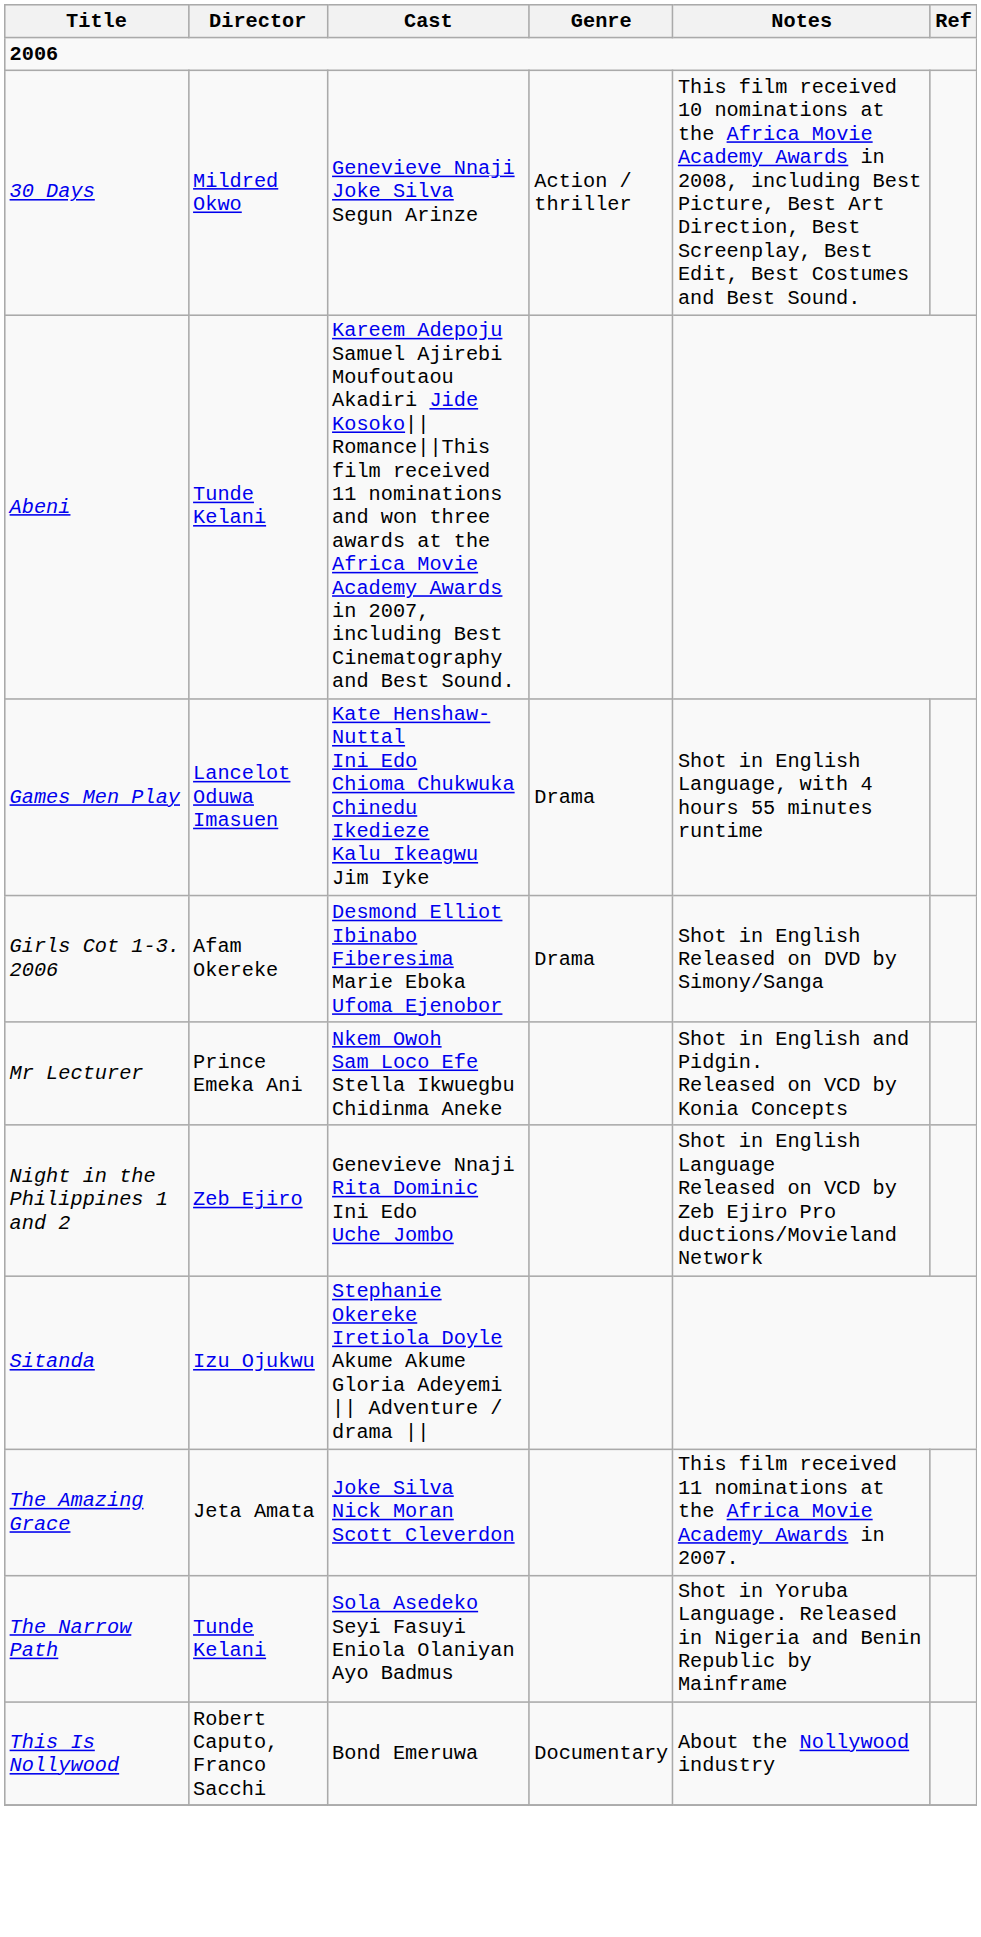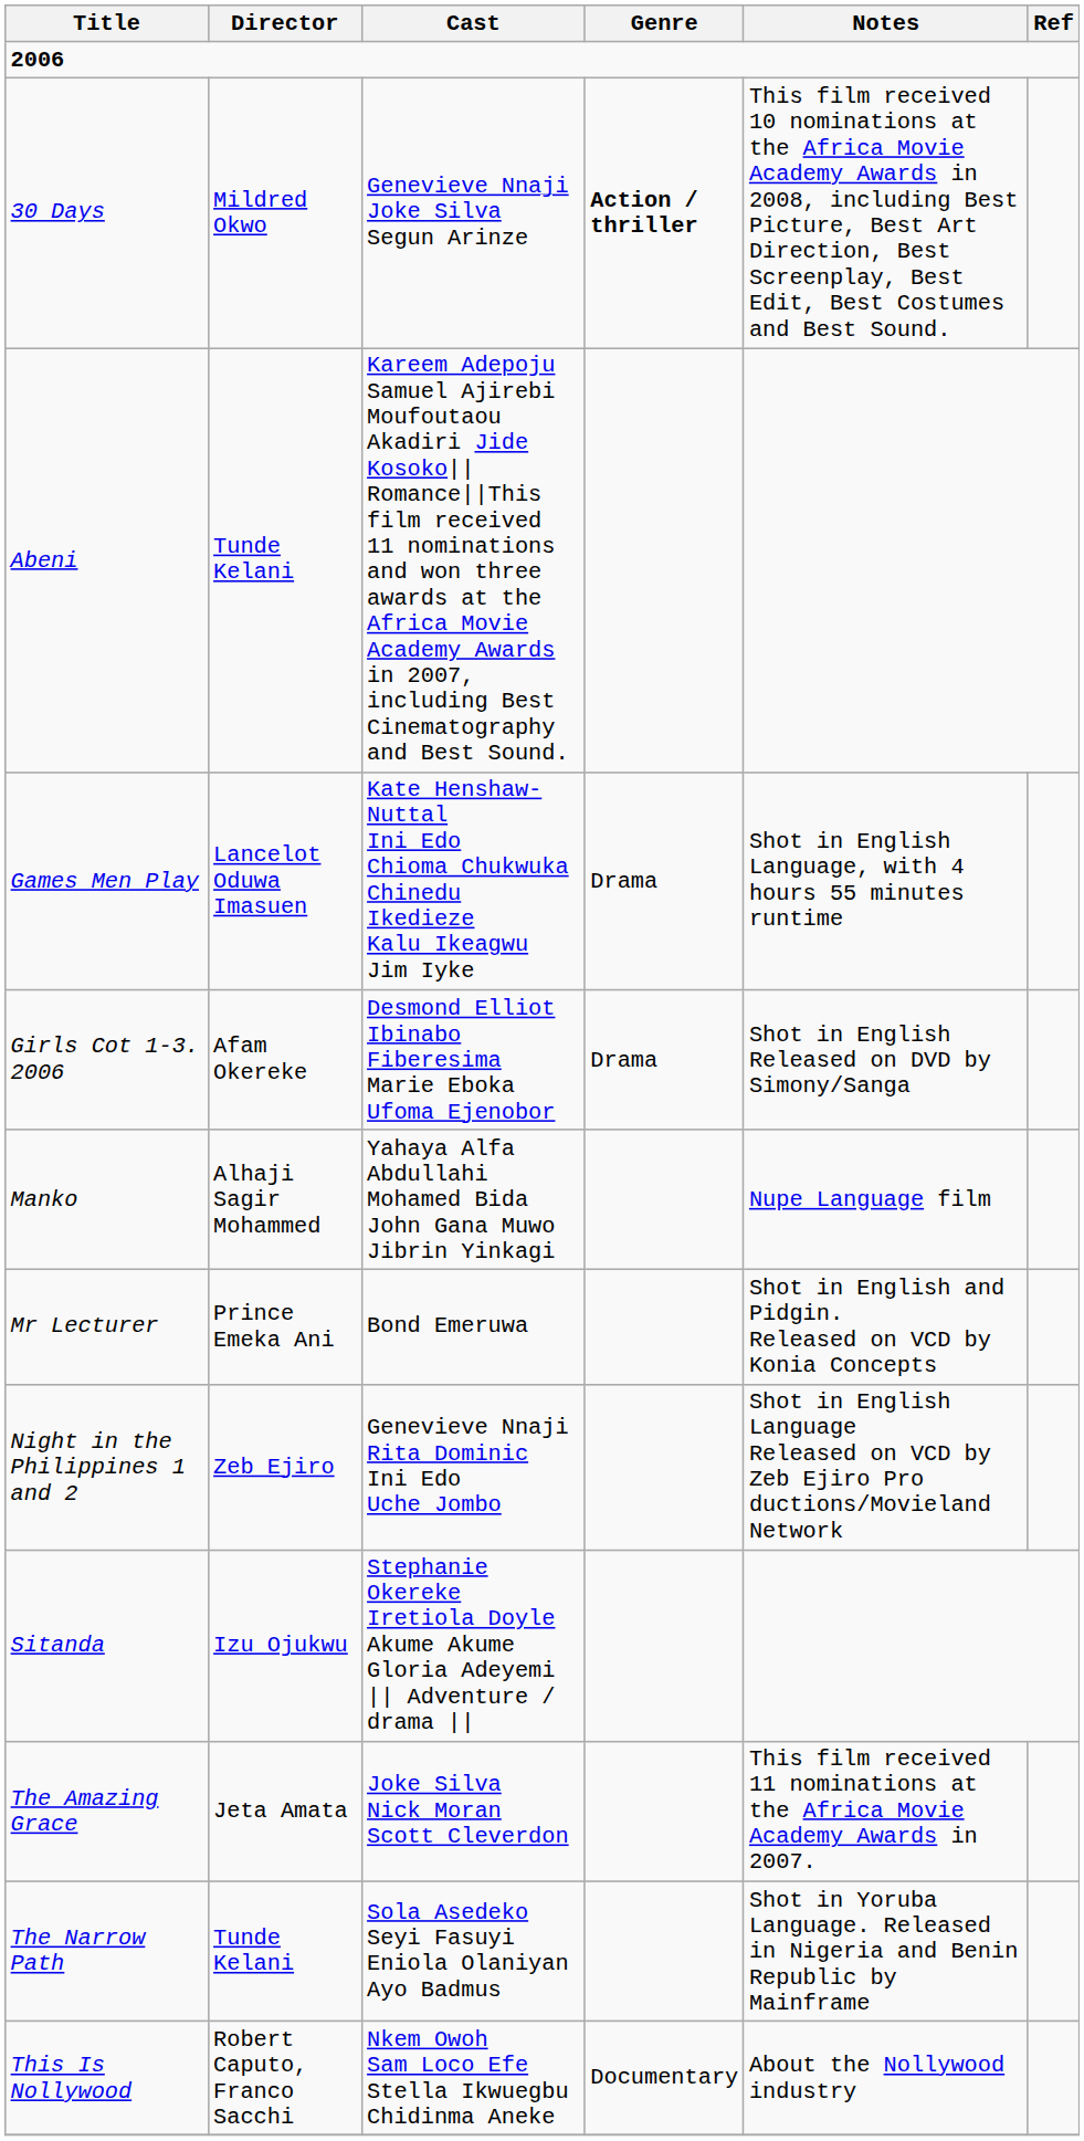 <table class="wikitable" width= "100%">
 <tr>
 <th width=21%>Title</th>
 <th width=16%>Director</th>
 <th width=22%>Cast</th>
 <th width=13%>Genre</th>
 <th width=28%>Notes</th>
 <th>Ref</th>
 </tr>
 <tr>
 <td colspan="6" ><strong>2006</strong></td>
 </tr>
 <tr>
 <td><em><a href='#'>30 Days</a></em></td>
 <td><a href='#'>Mildred Okwo</a></td>
 <td><a href='#'>Genevieve Nnaji</a><br><a href='#'>Joke Silva</a><br>Segun Arinze</td>
-<td>Action / thriller</td>
+<td><strong>Action / thriller</strong></td>
 <td>This film received 10 nominations at the <a href='#'>Africa Movie Academy Awards</a> in 2008, including Best Picture, Best Art Direction, Best Screenplay, Best Edit, Best Costumes and Best Sound.</td>
 <td></td>
 </tr>
 <tr>
 <td><em><a href='#'>Abeni</a></em></td>
 <td><a href='#'>Tunde Kelani</a></td>
 <td><a href='#'>Kareem Adepoju</a><br>Samuel Ajirebi Moufoutaou Akadiri <a href='#'>Jide Kosoko</a>|| Romance||This film received 11 nominations and won three awards at the <a href='#'>Africa Movie Academy Awards</a> in 2007, including Best Cinematography and Best Sound.</td>
 <td></td>
 </tr>
 <tr>
 <td><em><a href='#'>Games Men Play</a></em></td>
 <td><a href='#'>Lancelot Oduwa Imasuen</a></td>
 <td><a href='#'>Kate Henshaw-Nuttal</a><br><a href='#'>Ini Edo</a><br><a href='#'>Chioma Chukwuka</a><br><a href='#'>Chinedu Ikedieze</a><br><a href='#'>Kalu Ikeagwu</a><br>Jim Iyke</td>
 <td>Drama</td>
 <td>Shot in English Language, with 4 hours 55 minutes runtime</td>
 <td></td>
 </tr>
 <tr>
 <td><em>Girls Cot 1-3. 2006</em></td>
 <td>Afam Okereke</td>
 <td><a href='#'>Desmond Elliot</a><br><a href='#'>Ibinabo Fiberesima</a><br>Marie Eboka<br><a href='#'>Ufoma Ejenobor</a></td>
 <td>Drama</td>
 <td>Shot in English<br>Released on DVD by Simony/Sanga</td>
 <td></td>
 </tr>
 <tr>
+<td><em>Manko</em></td>
+<td>Alhaji Sagir Mohammed</td>
+<td>Yahaya Alfa<br>Abdullahi Mohamed Bida<br>John Gana Muwo<br>Jibrin Yinkagi</td>
+<td></td>
+<td><a href='#'>Nupe Language</a> film</td>
+<td></td>
+</tr>
+<tr>
 <td><em>Mr Lecturer</em></td>
 <td>Prince Emeka Ani</td>
-<td><a href='#'>Nkem Owoh</a><br><a href='#'>Sam Loco Efe</a><br>Stella Ikwuegbu<br>Chidinma Aneke</td>
+<td>Bond Emeruwa</td>
 <td></td>
 <td>Shot in English and Pidgin.<br>Released on VCD by Konia Concepts</td>
 <td></td>
 </tr>
 <tr>
 <td><em>Night in the Philippines 1 and 2</em></td>
 <td><a href='#'>Zeb Ejiro</a></td>
 <td>Genevieve Nnaji<br><a href='#'>Rita Dominic</a><br>Ini Edo<br><a href='#'>Uche Jombo</a></td>
 <td></td>
 <td>Shot in English Language<br>Released on VCD by Zeb Ejiro Pro ductions/Movieland Network</td>
 <td></td>
 </tr>
 <tr>
 <td><em><a href='#'>Sitanda</a></em></td>
 <td><a href='#'>Izu Ojukwu</a></td>
 <td><a href='#'>Stephanie Okereke</a><br><a href='#'>Iretiola Doyle</a> Akume Akume Gloria Adeyemi || Adventure / drama ||</td>
 <td></td>
 </tr>
 <tr>
 <td><em><a href='#'>The Amazing Grace</a></em></td>
 <td>Jeta Amata</td>
 <td><a href='#'>Joke Silva</a><br><a href='#'>Nick Moran</a><br><a href='#'>Scott Cleverdon</a></td>
 <td></td>
 <td>This film received 11 nominations at the <a href='#'>Africa Movie Academy Awards</a> in 2007.</td>
 <td></td>
 </tr>
 <tr>
 <td><em><a href='#'>The Narrow Path</a></em></td>
 <td><a href='#'>Tunde Kelani</a></td>
 <td><a href='#'>Sola Asedeko</a><br>Seyi Fasuyi<br>Eniola Olaniyan<br>Ayo Badmus</td>
 <td></td>
 <td>Shot in Yoruba Language. Released in Nigeria and Benin Republic by Mainframe</td>
 <td></td>
 </tr>
 <tr>
 <td><em><a href='#'>This Is Nollywood</a></em></td>
 <td>Robert Caputo, Franco Sacchi</td>
-<td>Bond Emeruwa</td>
+<td><a href='#'>Nkem Owoh</a><br><a href='#'>Sam Loco Efe</a><br>Stella Ikwuegbu<br>Chidinma Aneke</td>
 <td>Documentary</td>
 <td>About the <a href='#'>Nollywood</a> industry</td>
 <td></td>
 </tr>
 <tr>
 </tr>
 </table>
